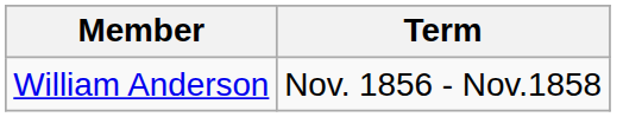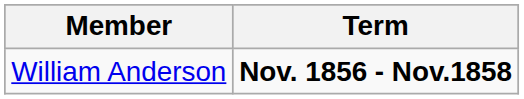 <table class="wikitable">
 <tr>
 <th>Member</th>
 <th>Term</th>
 </tr>
 <tr>
 <td><a href='#'>William Anderson</a></td>
-<td>Nov. 1856 - Nov.1858</td>
+<td><strong>Nov. 1856 - Nov.1858</strong></td>
 </tr>
 </table>
